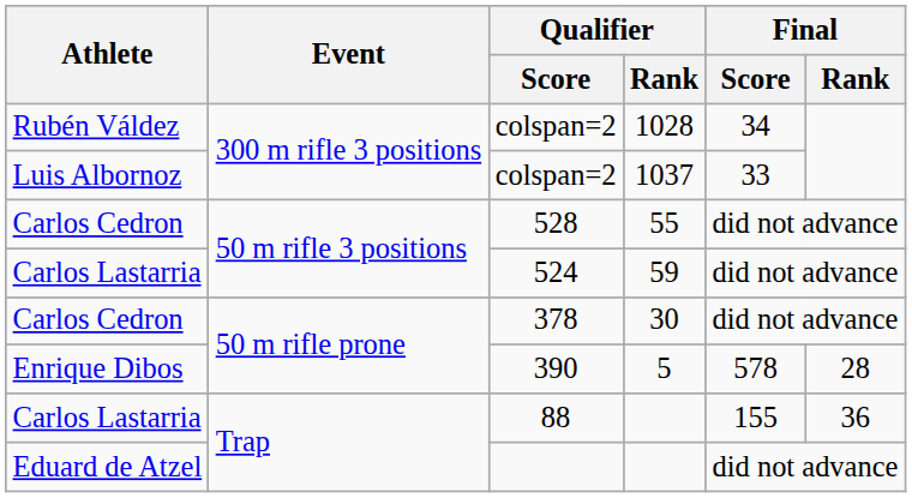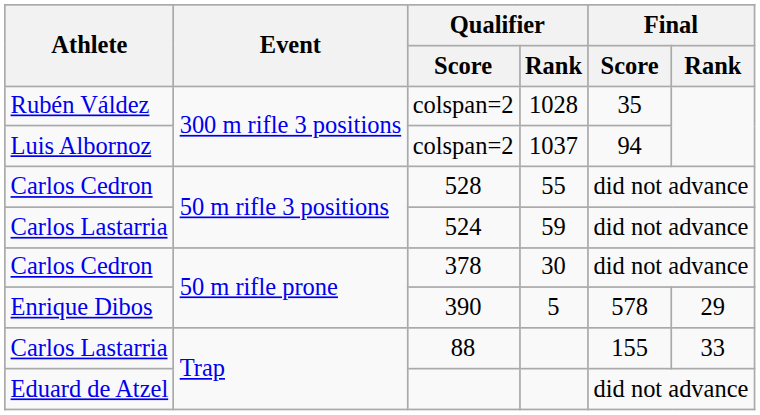 <table class="wikitable" border="1" style="font-size:90%">
 <tr>
 <th rowspan=2>Athlete</th>
 <th rowspan=2>Event</th>
 <th colspan=2>Qualifier</th>
 <th colspan=2>Final</th>
 </tr>
 <tr>
 <th>Score</th>
 <th>Rank</th>
 <th>Score</th>
 <th>Rank</th>
 </tr>
 <tr>
 <td><a href='#'>Rubén Váldez</a></td>
 <td rowspan=2><a href='#'>300 m rifle 3 positions</a></td>
 <td>colspan=2 </td>
 <td align=center>1028</td>
-<td align=center>34</td>
+<td align=center>35</td>
 </tr>
 <tr>
 <td><a href='#'>Luis Albornoz</a></td>
 <td>colspan=2 </td>
 <td align=center>1037</td>
-<td align=center>33</td>
+<td align=center>94</td>
 </tr>
 <tr>
 <td><a href='#'>Carlos Cedron</a></td>
 <td rowspan=2><a href='#'>50 m rifle 3 positions</a></td>
 <td align=center>528</td>
 <td align=center>55</td>
 <td align=center colspan=2>did not advance</td>
 </tr>
 <tr>
 <td><a href='#'>Carlos Lastarria</a></td>
 <td align=center>524</td>
 <td align=center>59</td>
 <td align=center colspan=2>did not advance</td>
 </tr>
 <tr>
 <td><a href='#'>Carlos Cedron</a></td>
 <td rowspan=2><a href='#'>50 m rifle prone</a></td>
 <td align=center>378</td>
 <td align=center>30</td>
 <td align=center colspan=2>did not advance</td>
 </tr>
 <tr>
 <td><a href='#'>Enrique Dibos</a></td>
 <td align=center>390</td>
 <td align=center>5</td>
 <td align=center>578</td>
-<td align=center>28</td>
+<td align=center>29</td>
 </tr>
 <tr>
 <td><a href='#'>Carlos Lastarria</a></td>
 <td rowspan=2><a href='#'>Trap</a></td>
 <td align=center>88</td>
 <td align=center></td>
 <td align=center>155</td>
-<td align=center>36</td>
+<td align=center>33</td>
 </tr>
 <tr>
 <td><a href='#'>Eduard de Atzel</a></td>
 <td align=center></td>
 <td align=center></td>
 <td align=center colspan=2>did not advance</td>
 </tr>
 </table>
